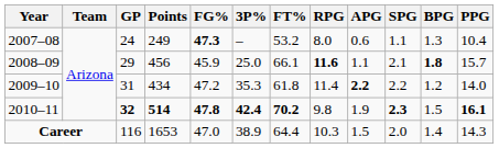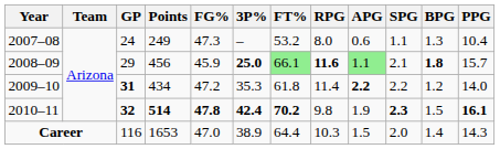 <table class="wikitable sortable">
 <tr>
 <th>Year</th>
 <th>Team</th>
 <th>GP</th>
 <th>Points</th>
 <th>FG%</th>
 <th>3P%</th>
 <th>FT%</th>
 <th>RPG</th>
 <th>APG</th>
 <th>SPG</th>
 <th>BPG</th>
 <th>PPG</th>
 </tr>
 <tr>
 <td>2007–08</td>
 <td rowspan=4><a href='#'>Arizona</a></td>
 <td>24</td>
 <td>249</td>
-<td><strong>47.3</strong></td>
+<td>47.3</td>
 <td>–</td>
 <td>53.2</td>
 <td>8.0</td>
 <td>0.6</td>
 <td>1.1</td>
 <td>1.3</td>
 <td>10.4</td>
 </tr>
 <tr>
 <td>2008–09</td>
 <td>29</td>
 <td>456</td>
 <td>45.9</td>
-<td>25.0</td>
-<td>66.1</td>
+<td><strong>25.0</strong></td>
+<td style="background: lightgreen;">66.1</td>
 <td><strong>11.6</strong></td>
-<td>1.1</td>
+<td style="background: lightgreen;">1.1</td>
 <td>2.1</td>
 <td><strong>1.8</strong></td>
 <td>15.7</td>
 </tr>
 <tr>
 <td>2009–10</td>
-<td>31</td>
+<td><strong>31</strong></td>
 <td>434</td>
 <td>47.2</td>
 <td>35.3</td>
 <td>61.8</td>
 <td>11.4</td>
 <td><strong>2.2</strong></td>
 <td>2.2</td>
 <td>1.2</td>
 <td>14.0</td>
 </tr>
 <tr>
 <td>2010–11</td>
 <td><strong>32</strong></td>
 <td><strong>514</strong></td>
 <td><strong>47.8</strong></td>
 <td><strong>42.4</strong></td>
 <td><strong>70.2</strong></td>
 <td>9.8</td>
 <td>1.9</td>
 <td><strong>2.3</strong></td>
 <td>1.5</td>
 <td><strong>16.1</strong></td>
 </tr>
 <tr class="sortbottom">
 <td colspan=2 align=center><strong>Career</strong></td>
 <td>116</td>
 <td>1653</td>
 <td>47.0</td>
 <td>38.9</td>
 <td>64.4</td>
 <td>10.3</td>
 <td>1.5</td>
 <td>2.0</td>
 <td>1.4</td>
 <td>14.3</td>
 </tr>
 </table>
